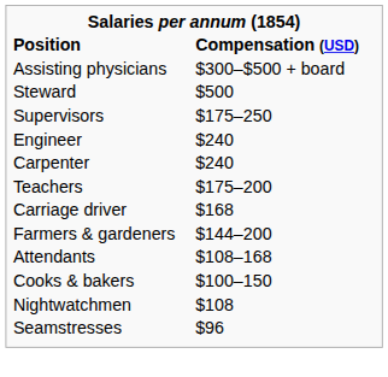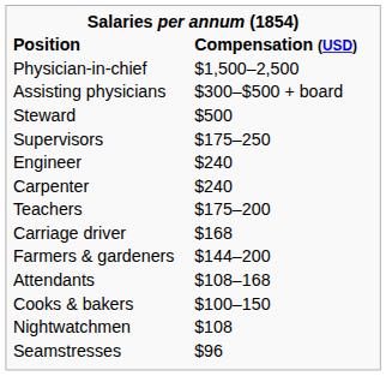 <table class="infobox" style="width: 22em;align:left">
 <tr>
 <th colspan="2" style="font-size: 100%; text-align: center;">Salaries <em>per annum</em> (1854)</th>
 </tr>
 <tr>
 <td><strong>Position</strong></td>
 <td><strong>Compensation <small>(<a href='#'>USD</a>)</small></strong></td>
+</tr>
+<tr>
+<td>Physician-in-chief</td>
+<td>$1,500–2,500</td>
 </tr>
 <tr>
 <td>Assisting physicians</td>
 <td>$300–$500 + board</td>
 </tr>
 <tr>
 <td>Steward</td>
 <td>$500</td>
 </tr>
 <tr>
 <td>Supervisors</td>
 <td>$175–250</td>
 </tr>
 <tr>
 <td>Engineer</td>
 <td>$240</td>
 </tr>
 <tr>
 <td>Carpenter</td>
 <td>$240</td>
 </tr>
 <tr>
 <td>Teachers</td>
 <td>$175–200</td>
 </tr>
 <tr>
 <td>Carriage driver</td>
 <td>$168</td>
 </tr>
 <tr>
 <td>Farmers & gardeners</td>
 <td>$144–200</td>
 </tr>
 <tr>
 <td>Attendants</td>
 <td>$108–168</td>
 </tr>
 <tr>
 <td>Cooks & bakers</td>
 <td>$100–150</td>
 </tr>
 <tr>
 <td>Nightwatchmen</td>
 <td>$108</td>
 </tr>
 <tr>
 <td>Seamstresses</td>
 <td>$96</td>
 </tr>
 <tr>
 </tr>
 </table>
